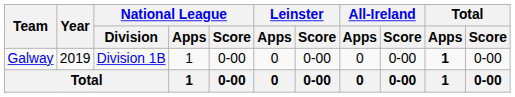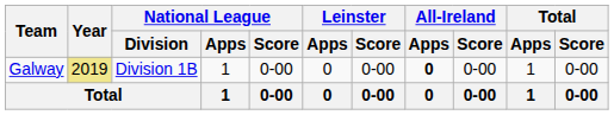 <table class="wikitable" style="text-align:center">
 <tr>
 <th rowspan="2">Team</th>
 <th rowspan="2">Year</th>
 <th colspan="3"><a href='#'>National League</a></th>
 <th colspan="2"><a href='#'>Leinster</a></th>
 <th colspan="2"><a href='#'>All-Ireland</a></th>
 <th colspan="2">Total</th>
 </tr>
 <tr>
 <th>Division</th>
 <th>Apps</th>
 <th>Score</th>
 <th>Apps</th>
 <th>Score</th>
 <th>Apps</th>
 <th>Score</th>
 <th>Apps</th>
 <th>Score</th>
 </tr>
 <tr>
 <td rowspan="1"><a href='#'>Galway</a></td>
-<td>2019</td>
+<td style="background: khaki;">2019</td>
 <td rowspan="1"><a href='#'>Division 1B</a></td>
 <td>1</td>
 <td>0-00</td>
 <td>0</td>
 <td>0-00</td>
-<td>0</td>
+<td><strong>0</strong></td>
 <td>0-00</td>
-<td><strong>1</strong></td>
+<td>1</td>
 <td>0-00</td>
 </tr>
 <tr>
 <th colspan="3">Total</th>
 <th>1</th>
 <th>0-00</th>
 <th>0</th>
 <th>0-00</th>
 <th>0</th>
 <th>0-00</th>
 <th>1</th>
 <th>0-00</th>
 </tr>
 </table>
